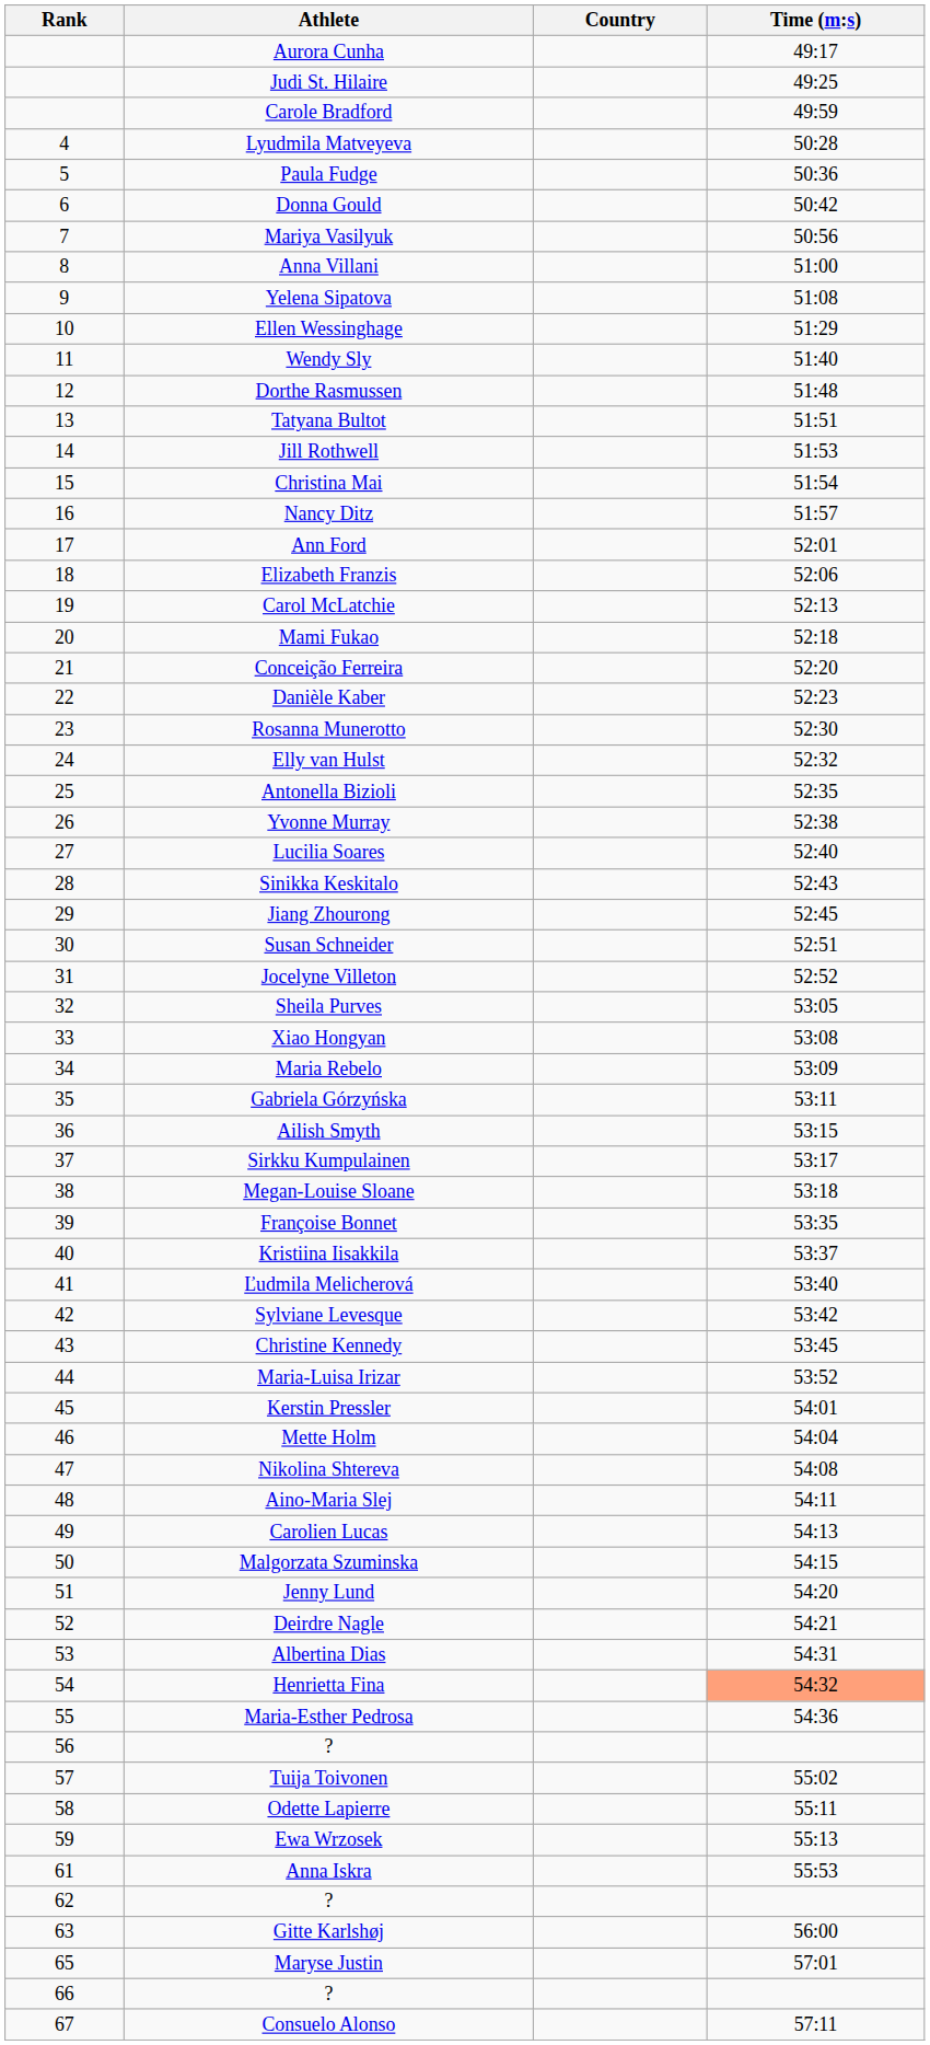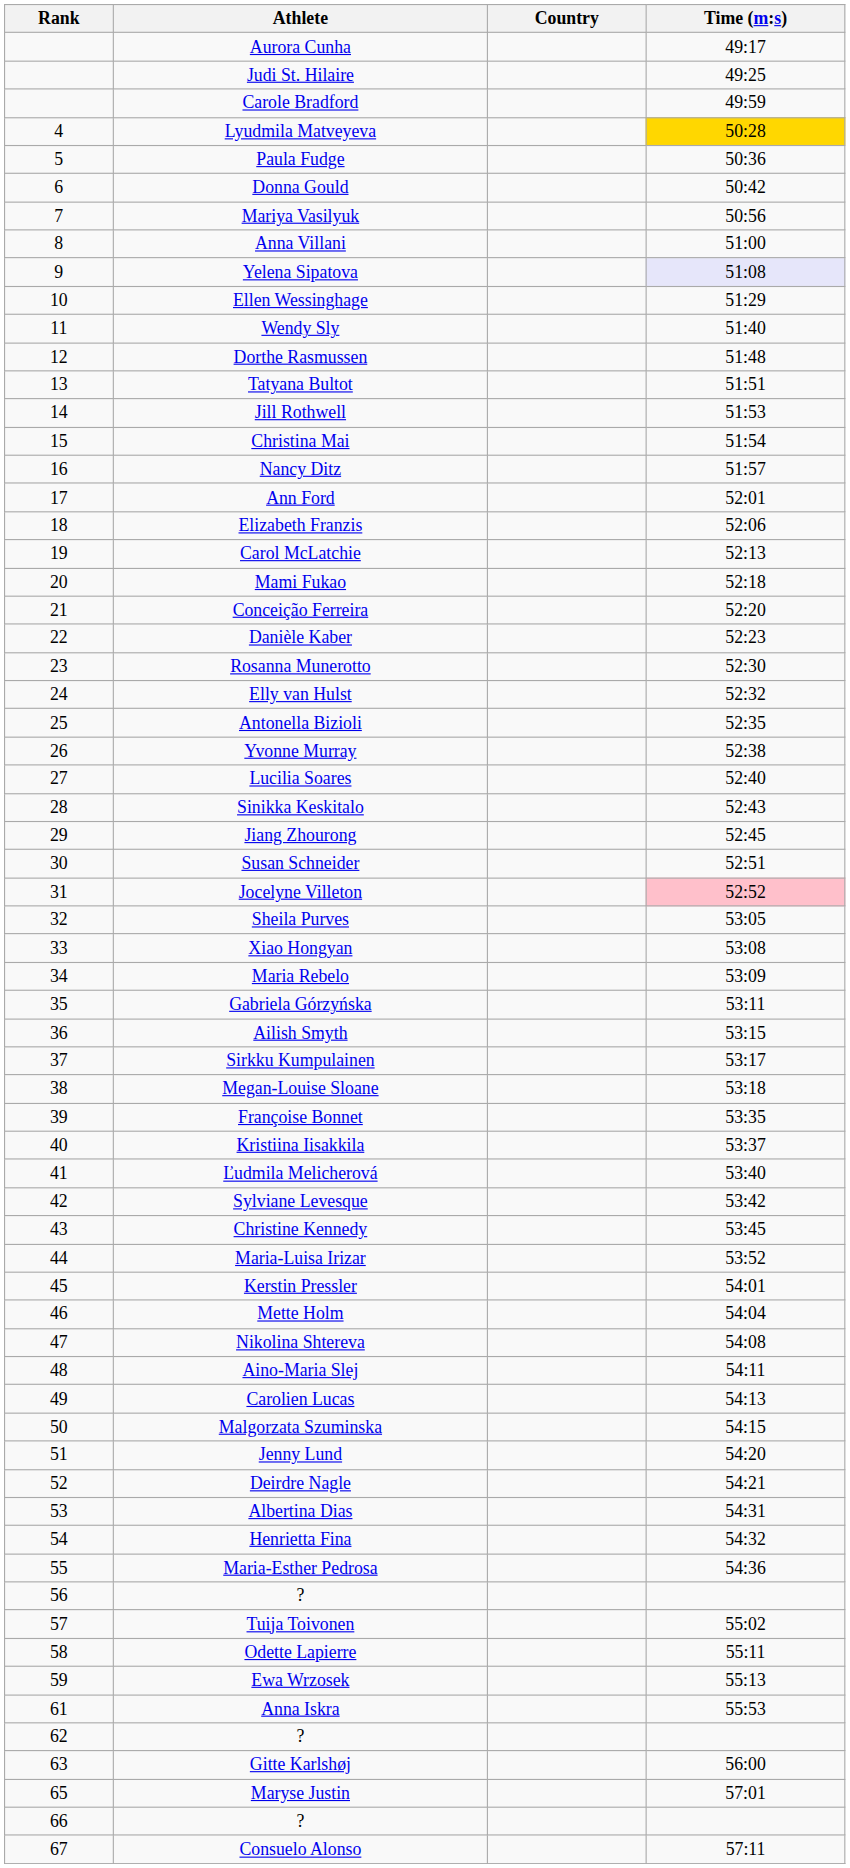 <table class="wikitable sortable" style="text-align:center;" width="60%">
 <tr>
 <th>Rank</th>
 <th>Athlete</th>
 <th>Country</th>
 <th>Time (<a href='#'>m</a>:<a href='#'>s</a>)</th>
 </tr>
 <tr>
 <td></td>
 <td><a href='#'>Aurora Cunha</a></td>
 <td align=left></td>
 <td>49:17</td>
 </tr>
 <tr>
 <td></td>
 <td><a href='#'>Judi St. Hilaire</a></td>
 <td align=left></td>
 <td>49:25</td>
 </tr>
 <tr>
 <td></td>
 <td><a href='#'>Carole Bradford</a></td>
 <td align=left></td>
 <td>49:59</td>
 </tr>
 <tr>
 <td>4</td>
 <td><a href='#'>Lyudmila Matveyeva</a></td>
 <td align=left></td>
-<td>50:28</td>
+<td style="background: gold;">50:28</td>
 </tr>
 <tr>
 <td>5</td>
 <td><a href='#'>Paula Fudge</a></td>
 <td align=left></td>
 <td>50:36</td>
 </tr>
 <tr>
 <td>6</td>
 <td><a href='#'>Donna Gould</a></td>
 <td align=left></td>
 <td>50:42</td>
 </tr>
 <tr>
 <td>7</td>
 <td><a href='#'>Mariya Vasilyuk</a></td>
 <td align=left></td>
 <td>50:56</td>
 </tr>
 <tr>
 <td>8</td>
 <td><a href='#'>Anna Villani</a></td>
 <td align=left></td>
 <td>51:00</td>
 </tr>
 <tr>
 <td>9</td>
 <td><a href='#'>Yelena Sipatova</a></td>
 <td align=left></td>
-<td>51:08</td>
+<td style="background: lavender;">51:08</td>
 </tr>
 <tr>
 <td>10</td>
 <td><a href='#'>Ellen Wessinghage</a></td>
 <td align=left></td>
 <td>51:29</td>
 </tr>
 <tr>
 <td>11</td>
 <td><a href='#'>Wendy Sly</a></td>
 <td align=left></td>
 <td>51:40</td>
 </tr>
 <tr>
 <td>12</td>
 <td><a href='#'>Dorthe Rasmussen</a></td>
 <td align=left></td>
 <td>51:48</td>
 </tr>
 <tr>
 <td>13</td>
 <td><a href='#'>Tatyana Bultot</a></td>
 <td align=left></td>
 <td>51:51</td>
 </tr>
 <tr>
 <td>14</td>
 <td><a href='#'>Jill Rothwell</a></td>
 <td align=left></td>
 <td>51:53</td>
 </tr>
 <tr>
 <td>15</td>
 <td><a href='#'>Christina Mai</a></td>
 <td align=left></td>
 <td>51:54</td>
 </tr>
 <tr>
 <td>16</td>
 <td><a href='#'>Nancy Ditz</a></td>
 <td align=left></td>
 <td>51:57</td>
 </tr>
 <tr>
 <td>17</td>
 <td><a href='#'>Ann Ford</a></td>
 <td align=left></td>
 <td>52:01</td>
 </tr>
 <tr>
 <td>18</td>
 <td><a href='#'>Elizabeth Franzis</a></td>
 <td align=left></td>
 <td>52:06</td>
 </tr>
 <tr>
 <td>19</td>
 <td><a href='#'>Carol McLatchie</a></td>
 <td align=left></td>
 <td>52:13</td>
 </tr>
 <tr>
 <td>20</td>
 <td><a href='#'>Mami Fukao</a></td>
 <td align=left></td>
 <td>52:18</td>
 </tr>
 <tr>
 <td>21</td>
 <td><a href='#'>Conceição Ferreira</a></td>
 <td align=left></td>
 <td>52:20</td>
 </tr>
 <tr>
 <td>22</td>
 <td><a href='#'>Danièle Kaber</a></td>
 <td align=left></td>
 <td>52:23</td>
 </tr>
 <tr>
 <td>23</td>
 <td><a href='#'>Rosanna Munerotto</a></td>
 <td align=left></td>
 <td>52:30</td>
 </tr>
 <tr>
 <td>24</td>
 <td><a href='#'>Elly van Hulst</a></td>
 <td align=left></td>
 <td>52:32</td>
 </tr>
 <tr>
 <td>25</td>
 <td><a href='#'>Antonella Bizioli</a></td>
 <td align=left></td>
 <td>52:35</td>
 </tr>
 <tr>
 <td>26</td>
 <td><a href='#'>Yvonne Murray</a></td>
 <td align=left></td>
 <td>52:38</td>
 </tr>
 <tr>
 <td>27</td>
 <td><a href='#'>Lucilia Soares</a></td>
 <td align=left></td>
 <td>52:40</td>
 </tr>
 <tr>
 <td>28</td>
 <td><a href='#'>Sinikka Keskitalo</a></td>
 <td align=left></td>
 <td>52:43</td>
 </tr>
 <tr>
 <td>29</td>
 <td><a href='#'>Jiang Zhourong</a></td>
 <td align=left></td>
 <td>52:45</td>
 </tr>
 <tr>
 <td>30</td>
 <td><a href='#'>Susan Schneider</a></td>
 <td align=left></td>
 <td>52:51</td>
 </tr>
 <tr>
 <td>31</td>
 <td><a href='#'>Jocelyne Villeton</a></td>
 <td align=left></td>
-<td>52:52</td>
+<td style="background: pink;">52:52</td>
 </tr>
 <tr>
 <td>32</td>
 <td><a href='#'>Sheila Purves</a></td>
 <td align=left></td>
 <td>53:05</td>
 </tr>
 <tr>
 <td>33</td>
 <td><a href='#'>Xiao Hongyan</a></td>
 <td align=left></td>
 <td>53:08</td>
 </tr>
 <tr>
 <td>34</td>
 <td><a href='#'>Maria Rebelo</a></td>
 <td align=left></td>
 <td>53:09</td>
 </tr>
 <tr>
 <td>35</td>
 <td><a href='#'>Gabriela Górzyńska</a></td>
 <td align=left></td>
 <td>53:11</td>
 </tr>
 <tr>
 <td>36</td>
 <td><a href='#'>Ailish Smyth</a></td>
 <td align=left></td>
 <td>53:15</td>
 </tr>
 <tr>
 <td>37</td>
 <td><a href='#'>Sirkku Kumpulainen</a></td>
 <td align=left></td>
 <td>53:17</td>
 </tr>
 <tr>
 <td>38</td>
 <td><a href='#'>Megan-Louise Sloane</a></td>
 <td align=left></td>
 <td>53:18</td>
 </tr>
 <tr>
 <td>39</td>
 <td><a href='#'>Françoise Bonnet</a></td>
 <td align=left></td>
 <td>53:35</td>
 </tr>
 <tr>
 <td>40</td>
 <td><a href='#'>Kristiina Iisakkila</a></td>
 <td align=left></td>
 <td>53:37</td>
 </tr>
 <tr>
 <td>41</td>
 <td><a href='#'>Ľudmila Melicherová</a></td>
 <td align=left></td>
 <td>53:40</td>
 </tr>
 <tr>
 <td>42</td>
 <td><a href='#'>Sylviane Levesque</a></td>
 <td align=left></td>
 <td>53:42</td>
 </tr>
 <tr>
 <td>43</td>
 <td><a href='#'>Christine Kennedy</a></td>
 <td align=left></td>
 <td>53:45</td>
 </tr>
 <tr>
 <td>44</td>
 <td><a href='#'>Maria-Luisa Irizar</a></td>
 <td align=left></td>
 <td>53:52</td>
 </tr>
 <tr>
 <td>45</td>
 <td><a href='#'>Kerstin Pressler</a></td>
 <td align=left></td>
 <td>54:01</td>
 </tr>
 <tr>
 <td>46</td>
 <td><a href='#'>Mette Holm</a></td>
 <td align=left></td>
 <td>54:04</td>
 </tr>
 <tr>
 <td>47</td>
 <td><a href='#'>Nikolina Shtereva</a></td>
 <td align=left></td>
 <td>54:08</td>
 </tr>
 <tr>
 <td>48</td>
 <td><a href='#'>Aino-Maria Slej</a></td>
 <td align=left></td>
 <td>54:11</td>
 </tr>
 <tr>
 <td>49</td>
 <td><a href='#'>Carolien Lucas</a></td>
 <td align=left></td>
 <td>54:13</td>
 </tr>
 <tr>
 <td>50</td>
 <td><a href='#'>Malgorzata Szuminska</a></td>
 <td align=left></td>
 <td>54:15</td>
 </tr>
 <tr>
 <td>51</td>
 <td><a href='#'>Jenny Lund</a></td>
 <td align=left></td>
 <td>54:20</td>
 </tr>
 <tr>
 <td>52</td>
 <td><a href='#'>Deirdre Nagle</a></td>
 <td align=left></td>
 <td>54:21</td>
 </tr>
 <tr>
 <td>53</td>
 <td><a href='#'>Albertina Dias</a></td>
 <td align=left></td>
 <td>54:31</td>
 </tr>
 <tr>
 <td>54</td>
 <td><a href='#'>Henrietta Fina</a></td>
 <td align=left></td>
-<td style="background: lightsalmon;">54:32</td>
+<td>54:32</td>
 </tr>
 <tr>
 <td>55</td>
 <td><a href='#'>Maria-Esther Pedrosa</a></td>
 <td align=left></td>
 <td>54:36</td>
 </tr>
 <tr>
 <td>56</td>
 <td>?</td>
 <td></td>
 <td></td>
 </tr>
 <tr>
 <td>57</td>
 <td><a href='#'>Tuija Toivonen</a></td>
 <td align=left></td>
 <td>55:02</td>
 </tr>
 <tr>
 <td>58</td>
 <td><a href='#'>Odette Lapierre</a></td>
 <td align=left></td>
 <td>55:11</td>
 </tr>
 <tr>
 <td>59</td>
 <td><a href='#'>Ewa Wrzosek</a></td>
 <td align=left></td>
 <td>55:13</td>
 </tr>
 <tr>
 <td>61</td>
 <td><a href='#'>Anna Iskra</a></td>
 <td align=left></td>
 <td>55:53</td>
 </tr>
 <tr>
 <td>62</td>
 <td>?</td>
 <td></td>
 <td></td>
 </tr>
 <tr>
 <td>63</td>
 <td><a href='#'>Gitte Karlshøj</a></td>
 <td align=left></td>
 <td>56:00</td>
 </tr>
 <tr>
 <td>65</td>
 <td><a href='#'>Maryse Justin</a></td>
 <td align=left></td>
 <td>57:01</td>
 </tr>
 <tr>
 <td>66</td>
 <td>?</td>
 <td></td>
 <td></td>
 </tr>
 <tr>
 <td>67</td>
 <td><a href='#'>Consuelo Alonso</a></td>
 <td align=left></td>
 <td>57:11</td>
 </tr>
 <tr>
 </tr>
 </table>
